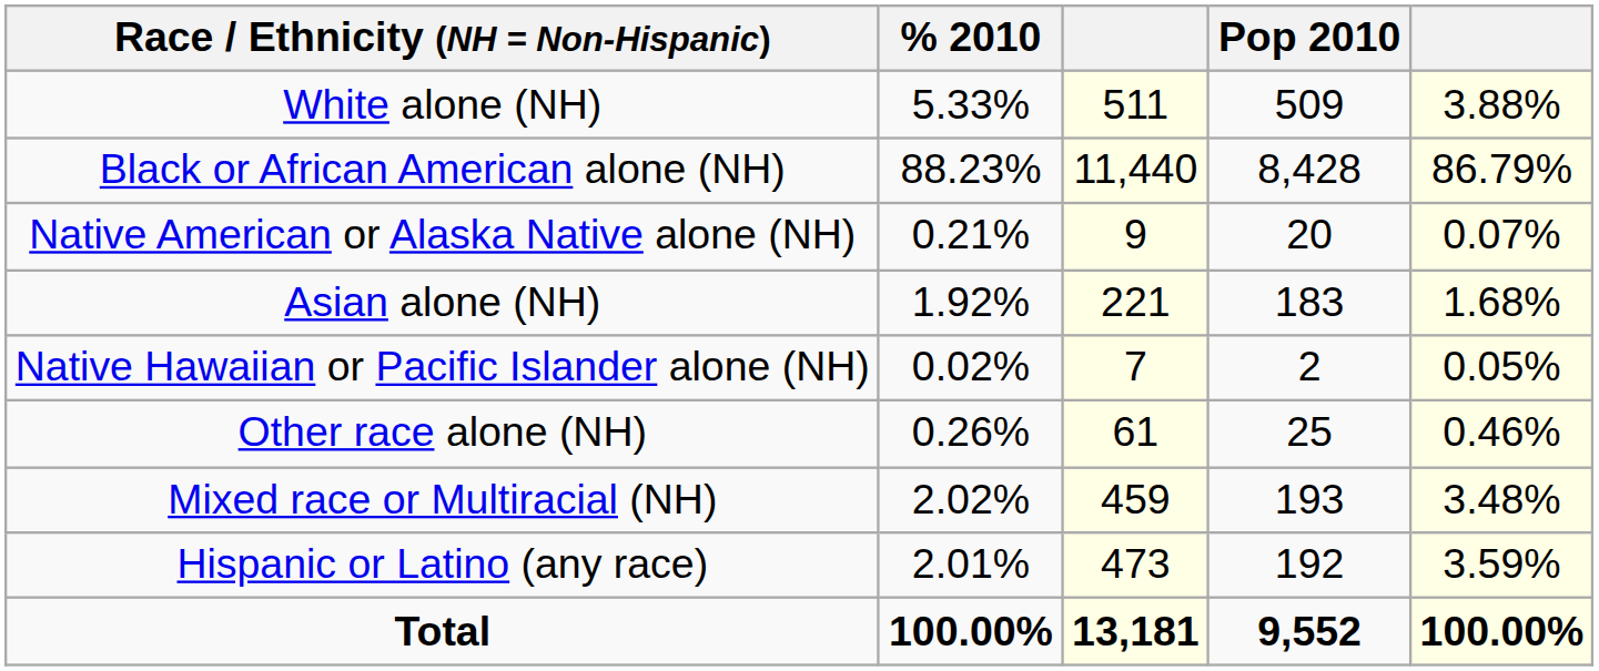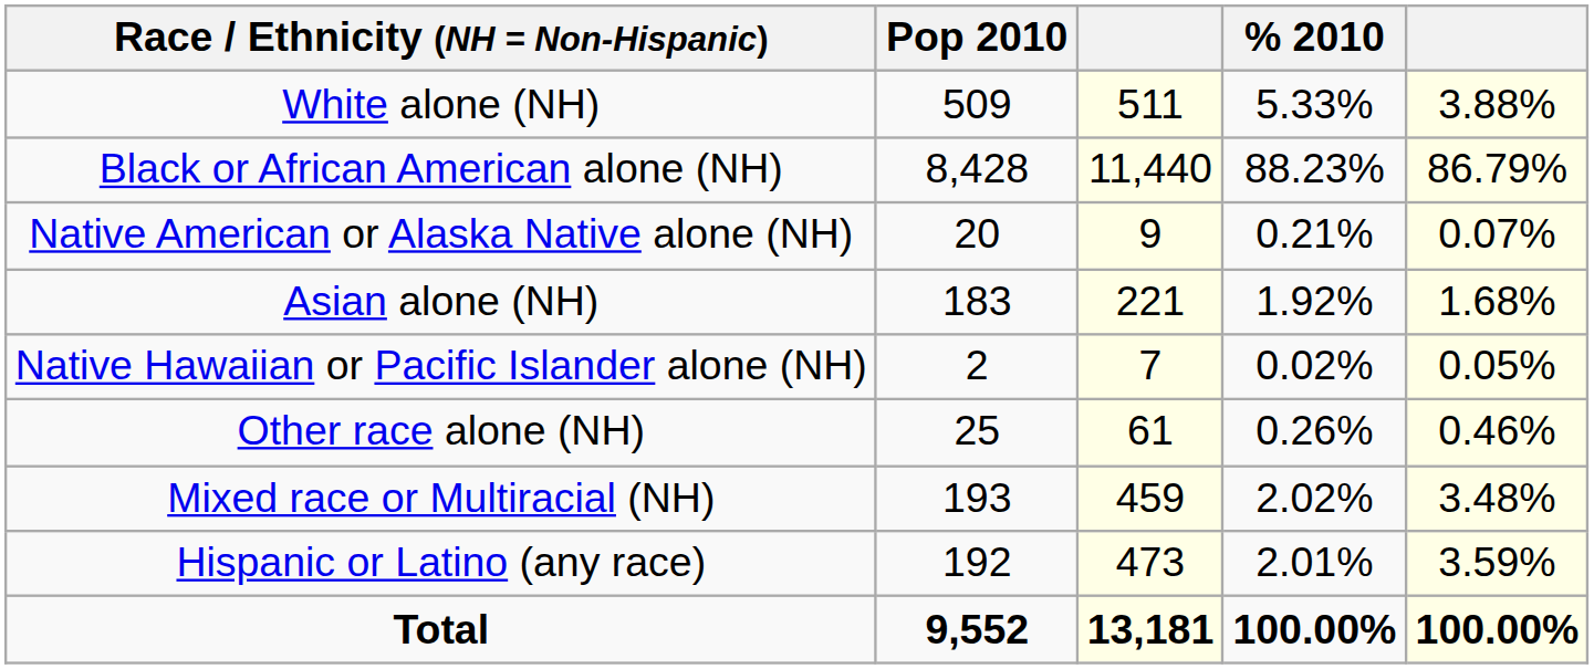 <table class="wikitable" style="text-align:center;">
 <tr>
 <th>Race / Ethnicity <small>(<em>NH = Non-Hispanic</em>)</small></th>
+<th>Pop 2010</th>
+<th></th>
 <th>% 2010</th>
-<th></th>
-<th>Pop 2010</th>
 <th></th>
 </tr>
 <tr>
 <td><a href='#'>White</a> alone (NH)</td>
+<td>509</td>
+<td style='background: #ffffe6;'>511</td>
 <td>5.33%</td>
-<td style='background: #ffffe6;'>511</td>
-<td>509</td>
 <td style='background: #ffffe6;'>3.88%</td>
 </tr>
 <tr>
 <td><a href='#'>Black or African American</a> alone (NH)</td>
+<td>8,428</td>
+<td style='background: #ffffe6;'>11,440</td>
 <td>88.23%</td>
-<td style='background: #ffffe6;'>11,440</td>
-<td>8,428</td>
 <td style='background: #ffffe6;'>86.79%</td>
 </tr>
 <tr>
 <td><a href='#'>Native American</a> or <a href='#'>Alaska Native</a> alone (NH)</td>
+<td>20</td>
+<td style='background: #ffffe6;'>9</td>
 <td>0.21%</td>
-<td style='background: #ffffe6;'>9</td>
-<td>20</td>
 <td style='background: #ffffe6;'>0.07%</td>
 </tr>
 <tr>
 <td><a href='#'>Asian</a> alone (NH)</td>
+<td>183</td>
+<td style='background: #ffffe6;'>221</td>
 <td>1.92%</td>
-<td style='background: #ffffe6;'>221</td>
-<td>183</td>
 <td style='background: #ffffe6;'>1.68%</td>
 </tr>
 <tr>
 <td><a href='#'>Native Hawaiian</a> or <a href='#'>Pacific Islander</a> alone (NH)</td>
+<td>2</td>
+<td style='background: #ffffe6;'>7</td>
 <td>0.02%</td>
-<td style='background: #ffffe6;'>7</td>
-<td>2</td>
 <td style='background: #ffffe6;'>0.05%</td>
 </tr>
 <tr>
 <td><a href='#'>Other race</a> alone (NH)</td>
+<td>25</td>
+<td style='background: #ffffe6;'>61</td>
 <td>0.26%</td>
-<td style='background: #ffffe6;'>61</td>
-<td>25</td>
 <td style='background: #ffffe6;'>0.46%</td>
 </tr>
 <tr>
 <td><a href='#'>Mixed race or Multiracial</a> (NH)</td>
+<td>193</td>
+<td style='background: #ffffe6;'>459</td>
 <td>2.02%</td>
-<td style='background: #ffffe6;'>459</td>
-<td>193</td>
 <td style='background: #ffffe6;'>3.48%</td>
 </tr>
 <tr>
 <td><a href='#'>Hispanic or Latino</a> (any race)</td>
+<td>192</td>
+<td style='background: #ffffe6;'>473</td>
 <td>2.01%</td>
-<td style='background: #ffffe6;'>473</td>
-<td>192</td>
 <td style='background: #ffffe6;'>3.59%</td>
 </tr>
 <tr>
 <td><strong>Total</strong></td>
+<td><strong>9,552</strong></td>
+<td style='background: #ffffe6;'><strong>13,181</strong></td>
 <td><strong>100.00%</strong></td>
-<td style='background: #ffffe6;'><strong>13,181</strong></td>
-<td><strong>9,552</strong></td>
 <td style='background: #ffffe6;'><strong>100.00%</strong></td>
 </tr>
 </table>
